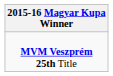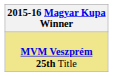 <table class=wikitable style="text-align:center; margin:auto">
 <tr>
 <th>2015-16 <a href='#'>Magyar Kupa</a><br>Winner</th>
 </tr>
 <tr>
-<td align=center><br><strong><a href='#'>MVM Veszprém</a></strong><br><strong>25th</strong> Title</td>
+<td align=center style="background: khaki;"><br><strong><a href='#'>MVM Veszprém</a></strong><br><strong>25th</strong> Title</td>
 </tr>
 </table>
